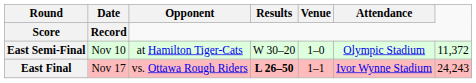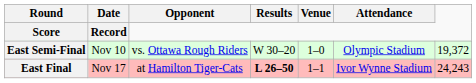 <table class="wikitable" style="text-align:center">
 <tr>
 <th>Round</th>
 <th>Date</th>
 <th>Opponent</th>
 <th>Results</th>
 <th>Venue</th>
 <th>Attendance</th>
 </tr>
 <tr>
 <th>Score</th>
 <th>Record</th>
 </tr>
 <tr style="background:#ddffdd">
 <th>East Semi-Final</th>
 <td>Nov 10</td>
-<td>at <a href='#'>Hamilton Tiger-Cats</a></td>
+<td>vs. <a href='#'>Ottawa Rough Riders</a></td>
 <td>W 30–20</td>
 <td>1–0</td>
 <td><a href='#'>Olympic Stadium</a></td>
-<td>11,372</td>
+<td>19,372</td>
 </tr>
 <tr style="background:#ffbbbb">
 <th>East Final</th>
 <td>Nov 17</td>
-<td>vs. <a href='#'>Ottawa Rough Riders</a></td>
+<td>at <a href='#'>Hamilton Tiger-Cats</a></td>
 <td><strong>L 26–50</strong></td>
 <td>1–1</td>
 <td><a href='#'>Ivor Wynne Stadium</a></td>
 <td>24,243</td>
 </tr>
 </table>
